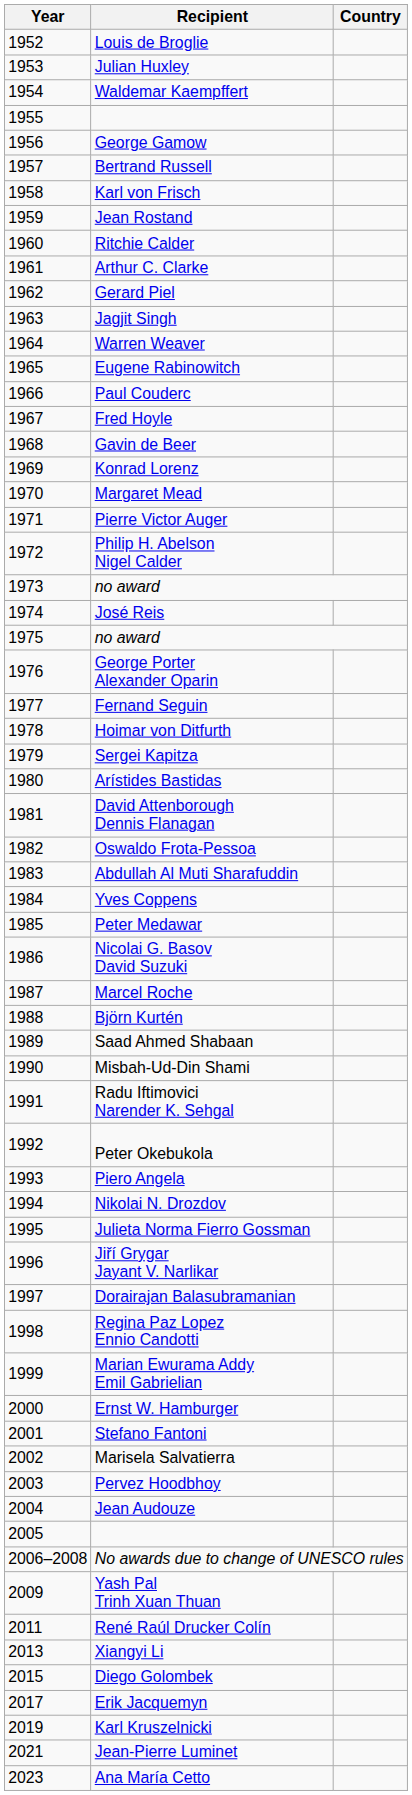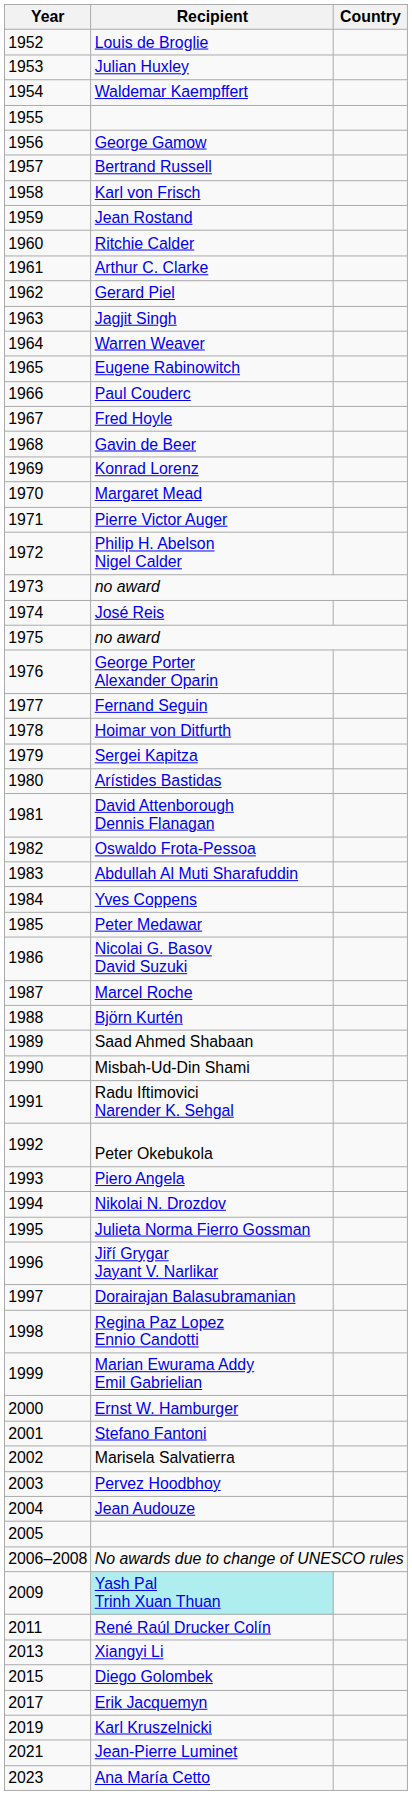 <table class="wikitable">
 <tr>
 <th>Year</th>
 <th>Recipient</th>
 <th>Country</th>
 </tr>
 <tr>
 <td>1952</td>
 <td><a href='#'>Louis de Broglie</a></td>
 <td></td>
 </tr>
 <tr>
 <td>1953</td>
 <td><a href='#'>Julian Huxley</a></td>
 <td></td>
 </tr>
 <tr>
 <td>1954</td>
 <td><a href='#'>Waldemar Kaempffert</a></td>
 <td></td>
 </tr>
 <tr>
 <td>1955</td>
 <td></td>
 <td></td>
 </tr>
 <tr>
 <td>1956</td>
 <td><a href='#'>George Gamow</a></td>
 <td></td>
 </tr>
 <tr>
 <td>1957</td>
 <td><a href='#'>Bertrand Russell</a></td>
 <td></td>
 </tr>
 <tr>
 <td>1958</td>
 <td><a href='#'>Karl von Frisch</a></td>
 <td></td>
 </tr>
 <tr>
 <td>1959</td>
 <td><a href='#'>Jean Rostand</a></td>
 <td></td>
 </tr>
 <tr>
 <td>1960</td>
 <td><a href='#'>Ritchie Calder</a></td>
 <td></td>
 </tr>
 <tr>
 <td>1961</td>
 <td><a href='#'>Arthur C. Clarke</a></td>
 <td></td>
 </tr>
 <tr>
 <td>1962</td>
 <td><a href='#'>Gerard Piel</a></td>
 <td></td>
 </tr>
 <tr>
 <td>1963</td>
 <td><a href='#'>Jagjit Singh</a></td>
 <td></td>
 </tr>
 <tr>
 <td>1964</td>
 <td><a href='#'>Warren Weaver</a></td>
 <td></td>
 </tr>
 <tr>
 <td>1965</td>
 <td><a href='#'>Eugene Rabinowitch</a></td>
 <td></td>
 </tr>
 <tr>
 <td>1966</td>
 <td><a href='#'>Paul Couderc</a></td>
 <td></td>
 </tr>
 <tr>
 <td>1967</td>
 <td><a href='#'>Fred Hoyle</a></td>
 <td></td>
 </tr>
 <tr>
 <td>1968</td>
 <td><a href='#'>Gavin de Beer</a></td>
 <td></td>
 </tr>
 <tr>
 <td>1969</td>
 <td><a href='#'>Konrad Lorenz</a></td>
 <td></td>
 </tr>
 <tr>
 <td>1970</td>
 <td><a href='#'>Margaret Mead</a></td>
 <td></td>
 </tr>
 <tr>
 <td>1971</td>
 <td><a href='#'>Pierre Victor Auger</a></td>
 <td></td>
 </tr>
 <tr>
 <td>1972</td>
 <td><a href='#'>Philip H. Abelson</a><br><a href='#'>Nigel Calder</a></td>
 <td><br></td>
 </tr>
 <tr>
 <td>1973</td>
 <td colspan=2><em>no award</em></td>
 </tr>
 <tr>
 <td>1974</td>
 <td><a href='#'>José Reis</a><br></td>
 <td><br></td>
 </tr>
 <tr>
 <td>1975</td>
 <td colspan=2><em>no award</em></td>
 </tr>
 <tr>
 <td>1976</td>
 <td><a href='#'>George Porter</a><br><a href='#'>Alexander Oparin</a></td>
 <td><br></td>
 </tr>
 <tr>
 <td>1977</td>
 <td><a href='#'>Fernand Seguin</a></td>
 <td></td>
 </tr>
 <tr>
 <td>1978</td>
 <td><a href='#'>Hoimar von Ditfurth</a></td>
 <td></td>
 </tr>
 <tr>
 <td>1979</td>
 <td><a href='#'>Sergei Kapitza</a></td>
 <td></td>
 </tr>
 <tr>
 <td>1980</td>
 <td><a href='#'>Arístides Bastidas</a></td>
 <td></td>
 </tr>
 <tr>
 <td>1981</td>
 <td><a href='#'>David Attenborough</a><br><a href='#'>Dennis Flanagan</a></td>
 <td><br></td>
 </tr>
 <tr>
 <td>1982</td>
 <td><a href='#'>Oswaldo Frota-Pessoa</a></td>
 <td></td>
 </tr>
 <tr>
 <td>1983</td>
 <td><a href='#'>Abdullah Al Muti Sharafuddin</a></td>
 <td></td>
 </tr>
 <tr>
 <td>1984</td>
 <td><a href='#'>Yves Coppens</a><br></td>
 <td><br></td>
 </tr>
 <tr>
 <td>1985</td>
 <td><a href='#'>Peter Medawar</a></td>
 <td></td>
 </tr>
 <tr>
 <td>1986</td>
 <td><a href='#'>Nicolai G. Basov</a><br><a href='#'>David Suzuki</a></td>
 <td><br></td>
 </tr>
 <tr>
 <td>1987</td>
 <td><a href='#'>Marcel Roche</a></td>
 <td></td>
 </tr>
 <tr>
 <td>1988</td>
 <td><a href='#'>Björn Kurtén</a></td>
 <td></td>
 </tr>
 <tr>
 <td>1989</td>
 <td>Saad Ahmed Shabaan</td>
 <td></td>
 </tr>
 <tr>
 <td>1990</td>
 <td>Misbah-Ud-Din Shami</td>
 <td></td>
 </tr>
 <tr>
 <td>1991</td>
 <td>Radu Iftimovici<br><a href='#'>Narender K. Sehgal</a></td>
 <td><br></td>
 </tr>
 <tr>
 <td>1992</td>
 <td><br>Peter Okebukola</td>
 <td><br></td>
 </tr>
 <tr>
 <td>1993</td>
 <td><a href='#'>Piero Angela</a></td>
 <td></td>
 </tr>
 <tr>
 <td>1994</td>
 <td><a href='#'>Nikolai N. Drozdov</a></td>
 <td></td>
 </tr>
 <tr>
 <td>1995</td>
 <td><a href='#'>Julieta Norma Fierro Gossman</a></td>
 <td></td>
 </tr>
 <tr>
 <td>1996</td>
 <td><a href='#'>Jiří Grygar</a><br><a href='#'>Jayant V. Narlikar</a></td>
 <td><br></td>
 </tr>
 <tr>
 <td>1997</td>
 <td><a href='#'>Dorairajan Balasubramanian</a></td>
 <td></td>
 </tr>
 <tr>
 <td>1998</td>
 <td><a href='#'>Regina Paz Lopez</a><br><a href='#'>Ennio Candotti</a></td>
 <td><br></td>
 </tr>
 <tr>
 <td>1999</td>
 <td><a href='#'>Marian Ewurama Addy</a><br><a href='#'>Emil Gabrielian</a></td>
 <td><br></td>
 </tr>
 <tr>
 <td>2000</td>
 <td><a href='#'>Ernst W. Hamburger</a></td>
 <td></td>
 </tr>
 <tr>
 <td>2001</td>
 <td><a href='#'>Stefano Fantoni</a></td>
 <td></td>
 </tr>
 <tr>
 <td>2002</td>
 <td>Marisela Salvatierra</td>
 <td></td>
 </tr>
 <tr>
 <td>2003</td>
 <td><a href='#'>Pervez Hoodbhoy</a></td>
 <td></td>
 </tr>
 <tr>
 <td>2004</td>
 <td><a href='#'>Jean Audouze</a></td>
 <td></td>
 </tr>
 <tr>
 <td>2005</td>
 <td></td>
 <td></td>
 </tr>
 <tr>
 <td>2006–2008</td>
 <td colspan=2><em>No awards due to change of UNESCO rules</em></td>
 </tr>
 <tr>
 <td>2009</td>
-<td><a href='#'>Yash Pal</a><br><a href='#'>Trinh Xuan Thuan</a></td>
+<td style="background: paleturquoise;"><a href='#'>Yash Pal</a><br><a href='#'>Trinh Xuan Thuan</a></td>
 <td><br></td>
 </tr>
 <tr>
 <td>2011</td>
 <td><a href='#'>René Raúl Drucker Colín</a></td>
 <td></td>
 </tr>
 <tr>
 <td>2013</td>
 <td><a href='#'>Xiangyi Li</a></td>
 <td></td>
 </tr>
 <tr>
 <td>2015</td>
 <td><a href='#'>Diego Golombek</a></td>
 <td></td>
 </tr>
 <tr>
 <td>2017</td>
 <td><a href='#'>Erik Jacquemyn</a></td>
 <td></td>
 </tr>
 <tr>
 <td>2019</td>
 <td><a href='#'>Karl Kruszelnicki</a></td>
 <td></td>
 </tr>
 <tr>
 <td>2021</td>
 <td><a href='#'>Jean-Pierre Luminet</a></td>
 <td></td>
 </tr>
 <tr>
 <td>2023</td>
 <td><a href='#'>Ana María Cetto</a></td>
 <td></td>
 </tr>
 </table>
